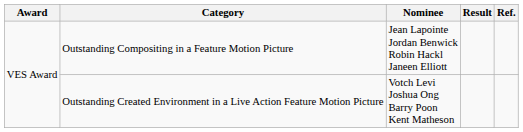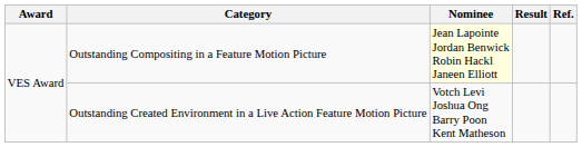 <table class="wikitable sortable">
 <tr>
 <th>Award</th>
 <th>Category</th>
 <th>Nominee</th>
 <th>Result</th>
 <th>Ref.</th>
 </tr>
 <tr>
 <td rowspan="2">VES Award</td>
 <td>Outstanding Compositing in a Feature Motion Picture</td>
-<td>Jean Lapointe<br>Jordan Benwick<br>Robin Hackl<br>Janeen Elliott</td>
+<td style="background: lightyellow;">Jean Lapointe<br>Jordan Benwick<br>Robin Hackl<br>Janeen Elliott</td>
 <td></td>
 <td></td>
 </tr>
 <tr>
 <td>Outstanding Created Environment in a Live Action Feature Motion Picture</td>
 <td>Votch Levi <br> Joshua Ong <br> Barry Poon <br> Kent Matheson</td>
 <td></td>
 <td></td>
 </tr>
 </table>
